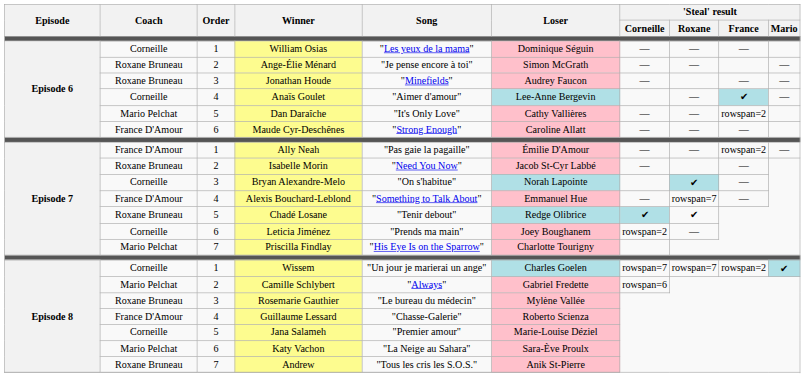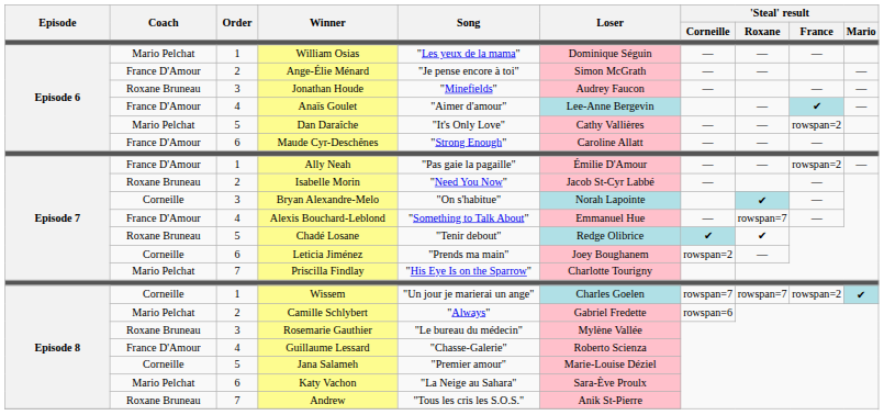 <table class="wikitable" style="text-align: center; width:100%;">
 <tr>
 <th rowspan="2" style="width:15%;">Episode</th>
 <th rowspan="2" style="width:15%;">Coach</th>
 <th rowspan="2" style="width:05%;">Order</th>
 <th rowspan="2" style="width:20%;">Winner</th>
 <th rowspan="2" style="width:20%;">Song</th>
 <th rowspan="2" style="width:20%;">Loser</th>
 <th colspan="4" style="width:20%;">'Steal' result</th>
 </tr>
 <tr>
 <th style="width:05%;">Corneille</th>
 <th style="width:05%;">Roxane</th>
 <th style="width:05%;">France</th>
 <th style="width:05%;">Mario</th>
 </tr>
 <tr>
 <td colspan="10" style="background:#555;"></td>
 </tr>
 <tr>
 <th rowspan="6">Episode 6<br><small></small></th>
-<td>Corneille</td>
+<td>Mario Pelchat</td>
 <td>1</td>
 <td style="background:#fdfc8f">William Osias</td>
 <td>"<a href='#'>Les yeux de la mama</a>"</td>
 <td style="background:pink">Dominique Séguin</td>
 <td>—</td>
 <td>—</td>
 <td>—</td>
 <td></td>
 </tr>
 <tr>
-<td>Roxane Bruneau</td>
+<td>France D'Amour</td>
 <td>2</td>
 <td style="background:#fdfc8f">Ange-Élie Ménard</td>
 <td>"Je pense encore à toi"</td>
 <td style="background:pink">Simon McGrath</td>
 <td>—</td>
 <td>—</td>
 <td></td>
 <td>—</td>
 </tr>
 <tr>
 <td>Roxane Bruneau</td>
 <td>3</td>
 <td style="background:#fdfc8f">Jonathan Houde</td>
 <td>"<a href='#'>Minefields</a>"</td>
 <td style="background:pink">Audrey Faucon</td>
 <td>—</td>
 <td></td>
 <td>—</td>
 <td>—</td>
 </tr>
 <tr>
-<td>Corneille</td>
+<td>France D'Amour</td>
 <td>4</td>
 <td style="background:#fdfc8f">Anaïs Goulet</td>
 <td>"Aimer d'amour"</td>
 <td style="background:#b0e0e6">Lee-Anne Bergevin</td>
 <td></td>
 <td>—</td>
 <td style="background:#b0e0e6">✔</td>
 <td>—</td>
 </tr>
 <tr>
 <td>Mario Pelchat</td>
 <td>5</td>
 <td style="background:#fdfc8f">Dan Daraîche</td>
 <td>"It's Only Love"</td>
 <td style="background:pink">Cathy Vallières</td>
 <td>—</td>
 <td>—</td>
 <td>rowspan=2 </td>
 <td></td>
 </tr>
 <tr>
 <td>France D'Amour</td>
 <td>6</td>
 <td style="background:#fdfc8f">Maude Cyr-Deschênes</td>
 <td>"<a href='#'>Strong Enough</a>"</td>
 <td style="background:pink">Caroline Allatt</td>
 <td>—</td>
 <td>—</td>
 <td>—</td>
 </tr>
 <tr>
 <td colspan="11" style="background:#555;"></td>
 </tr>
 <tr>
 <th rowspan="7">Episode 7<br><small></small></th>
 <td>France D'Amour</td>
 <td>1</td>
 <td style="background:#fdfc8f">Ally Neah</td>
 <td>"Pas gaie la pagaille"</td>
 <td style="background:pink">Émilie D'Amour</td>
 <td>—</td>
 <td>—</td>
 <td>rowspan=2 </td>
 <td>—</td>
 </tr>
 <tr>
 <td>Roxane Bruneau</td>
 <td>2</td>
 <td style="background:#fdfc8f">Isabelle Morin</td>
 <td>"<a href='#'>Need You Now</a>"</td>
 <td style="background:pink">Jacob St-Cyr Labbé</td>
 <td>—</td>
 <td></td>
 <td>—</td>
 </tr>
 <tr>
 <td>Corneille</td>
 <td>3</td>
 <td style="background:#fdfc8f">Bryan Alexandre-Melo</td>
 <td>"On s'habitue"</td>
 <td style="background:#b0e0e6">Norah Lapointe</td>
 <td></td>
 <td style="background:#b0e0e6">✔</td>
 <td>—</td>
 </tr>
 <tr>
 <td>France D'Amour</td>
 <td>4</td>
 <td style="background:#fdfc8f">Alexis Bouchard-Leblond</td>
 <td>"<a href='#'>Something to Talk About</a>"</td>
 <td style="background:pink">Emmanuel Hue</td>
 <td>—</td>
 <td>rowspan=7 </td>
 <td>—</td>
 </tr>
 <tr>
 <td>Roxane Bruneau</td>
 <td>5</td>
 <td style="background:#fdfc8f">Chadé Losane</td>
 <td>"Tenir debout"</td>
 <td style="background:#b0e0e6">Redge Olibrice</td>
 <td style="background:#b0e0e6">✔</td>
 <td>✔</td>
 </tr>
 <tr>
 <td>Corneille</td>
 <td>6</td>
 <td style="background:#fdfc8f">Leticia Jiménez</td>
 <td>"Prends ma main"</td>
 <td style="background:pink">Joey Boughanem</td>
 <td>rowspan=2 </td>
 <td>—</td>
 </tr>
 <tr>
 <td>Mario Pelchat</td>
 <td>7</td>
 <td style="background:#fdfc8f">Priscilla Findlay</td>
 <td>"<a href='#'>His Eye Is on the Sparrow</a>"</td>
 <td style="background:pink">Charlotte Tourigny</td>
 <td></td>
 </tr>
 <tr>
 <td colspan="11" style="background:#555;"></td>
 </tr>
 <tr>
 <th rowspan="7">Episode 8<br><small></small></th>
 <td>Corneille</td>
 <td>1</td>
 <td style="background:#fdfc8f">Wissem</td>
 <td>"Un jour je marierai un ange"</td>
 <td style="background:#b0e0e6">Charles Goelen</td>
 <td>rowspan=7 </td>
 <td>rowspan=7 </td>
 <td>rowspan=2 </td>
 <td style="background:#b0e0e6">✔</td>
 </tr>
 <tr>
 <td>Mario Pelchat</td>
 <td>2</td>
 <td style="background:#fdfc8f">Camille Schlybert</td>
 <td>"<a href='#'>Always</a>"</td>
 <td style="background:pink">Gabriel Fredette</td>
 <td>rowspan=6 </td>
 </tr>
 <tr>
 <td>Roxane Bruneau</td>
 <td>3</td>
 <td style="background:#fdfc8f">Rosemarie Gauthier</td>
 <td>"Le bureau du médecin"</td>
 <td style="background:pink">Mylène Vallée</td>
 </tr>
 <tr>
 <td>France D'Amour</td>
 <td>4</td>
 <td style="background:#fdfc8f">Guillaume Lessard</td>
 <td>"Chasse-Galerie"</td>
 <td style="background:pink">Roberto Scienza</td>
 </tr>
 <tr>
 <td>Corneille</td>
 <td>5</td>
 <td style="background:#fdfc8f">Jana Salameh</td>
 <td>"Premier amour"</td>
 <td style="background:pink">Marie-Louise Déziel</td>
 </tr>
 <tr>
 <td>Mario Pelchat</td>
 <td>6</td>
 <td style="background:#fdfc8f">Katy Vachon</td>
 <td>"La Neige au Sahara"</td>
 <td style="background:pink">Sara-Ève Proulx</td>
 </tr>
 <tr>
 <td>Roxane Bruneau</td>
 <td>7</td>
 <td style="background:#fdfc8f">Andrew</td>
 <td>"Tous les cris les S.O.S."</td>
 <td style="background:pink">Anik St-Pierre</td>
 </tr>
 <tr>
 </tr>
 </table>
